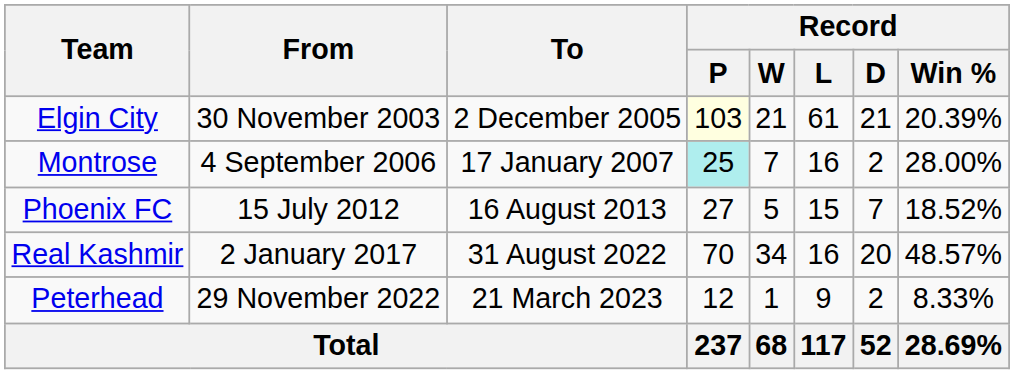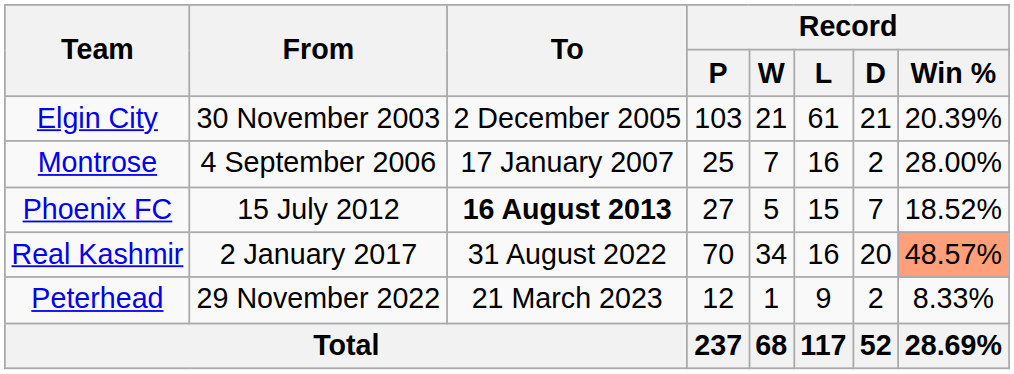 <table class="wikitable" style="text-align:center">
 <tr>
 <th rowspan="2">Team</th>
 <th rowspan="2">From</th>
 <th rowspan="2">To</th>
 <th colspan="5">Record</th>
 </tr>
 <tr>
 <th>P</th>
 <th>W</th>
 <th>L</th>
 <th>D</th>
 <th>Win %</th>
 </tr>
 <tr>
 <td><a href='#'>Elgin City</a></td>
 <td>30 November 2003</td>
 <td>2 December 2005</td>
-<td style="background: lightyellow;">103</td>
+<td>103</td>
 <td>21</td>
 <td>61</td>
 <td>21</td>
 <td>20.39%</td>
 </tr>
 <tr>
 <td><a href='#'>Montrose</a></td>
 <td>4 September 2006</td>
 <td>17 January 2007</td>
-<td style="background: paleturquoise;">25</td>
+<td>25</td>
 <td>7</td>
 <td>16</td>
 <td>2</td>
 <td>28.00%</td>
 </tr>
 <tr>
 <td><a href='#'>Phoenix FC</a></td>
 <td>15 July 2012</td>
-<td>16 August 2013</td>
+<td><strong>16 August 2013</strong></td>
 <td>27</td>
 <td>5</td>
 <td>15</td>
 <td>7</td>
 <td>18.52%</td>
 </tr>
 <tr>
 <td><a href='#'>Real Kashmir</a></td>
 <td>2 January 2017</td>
 <td>31 August 2022</td>
 <td>70</td>
 <td>34</td>
 <td>16</td>
 <td>20</td>
-<td>48.57%</td>
+<td style="background: lightsalmon;">48.57%</td>
 </tr>
 <tr>
 <td><a href='#'>Peterhead</a></td>
 <td>29 November 2022</td>
 <td>21 March 2023</td>
 <td>12</td>
 <td>1</td>
 <td>9</td>
 <td>2</td>
 <td>8.33%</td>
 </tr>
 <tr>
 <th colspan="3">Total</th>
 <th>237</th>
 <th>68</th>
 <th>117</th>
 <th>52</th>
 <th>28.69%</th>
 </tr>
 </table>
